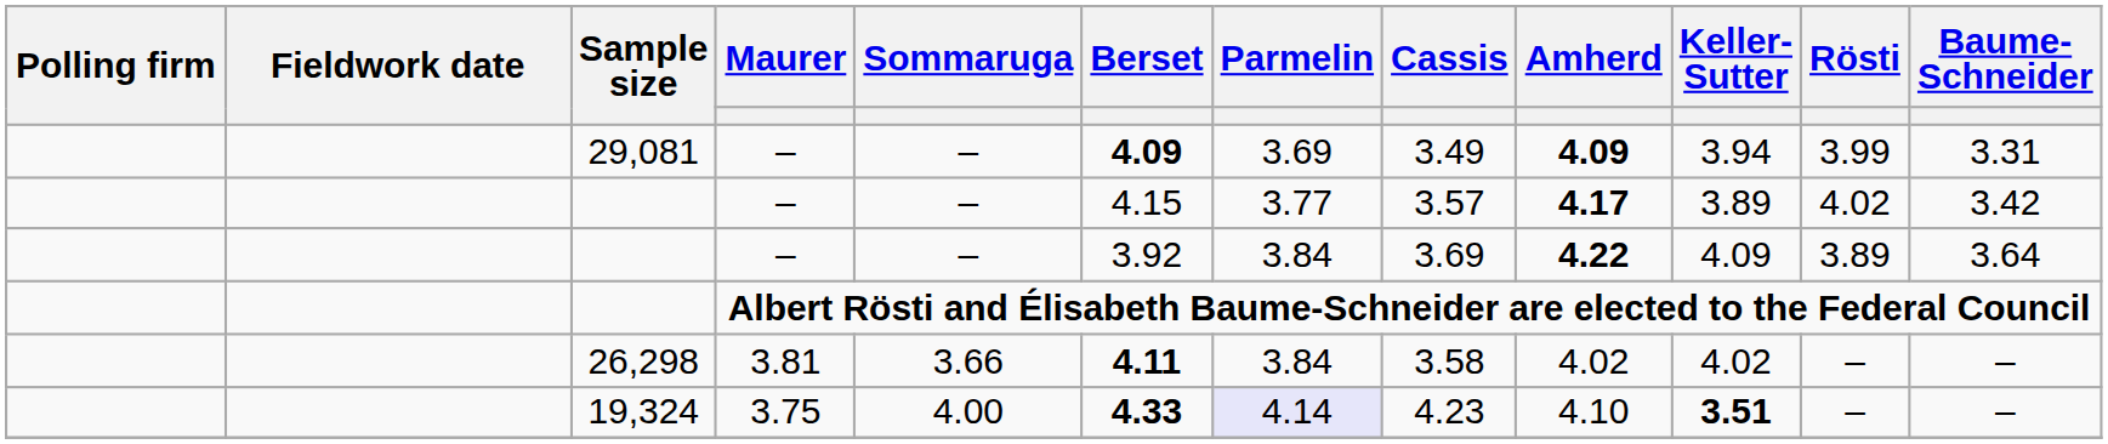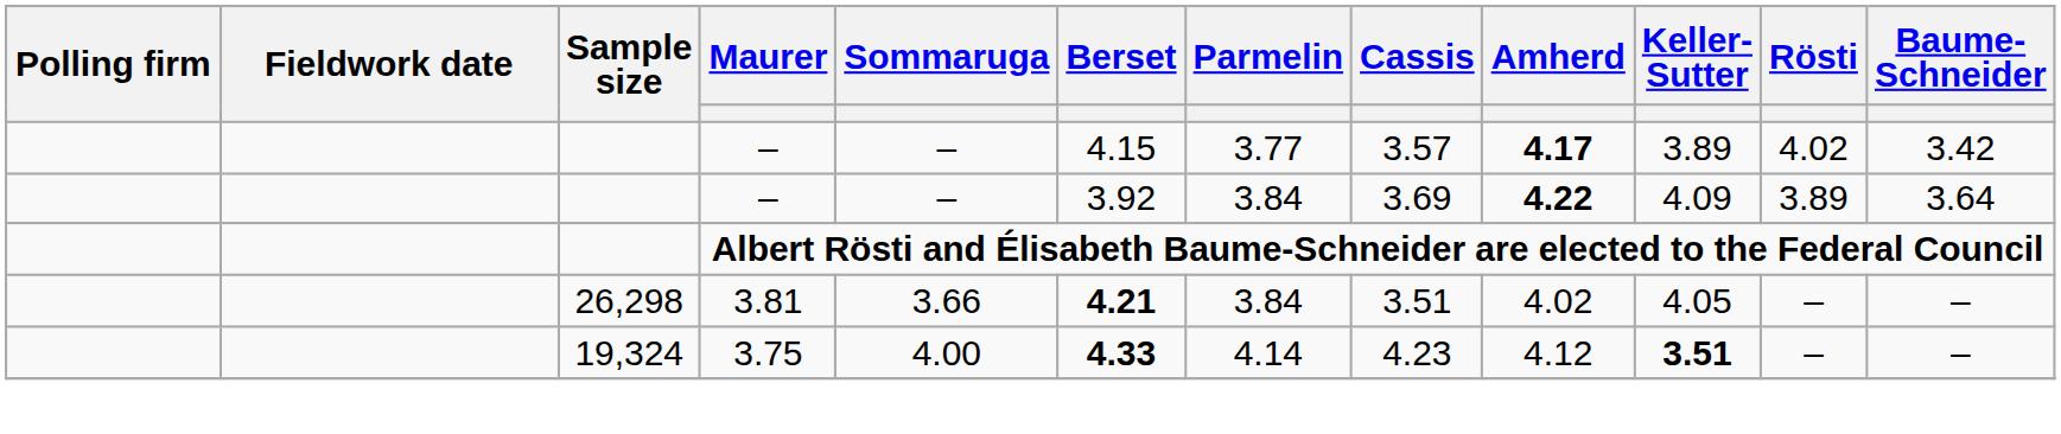 <table class="wikitable" style="text-align:center;font-size:90%;line-height:14px;">
 <tr style="height:40px;">
 <th style="width:80px;" rowspan="2">Polling firm</th>
 <th style="width:130px;" rowspan="2">Fieldwork date</th>
 <th style="width:35px;" rowspan="2">Sample<br>size</th>
 <th><a href='#'>Maurer</a><br></th>
 <th><a href='#'>Sommaruga</a><br></th>
 <th><a href='#'>Berset</a><br></th>
 <th><a href='#'>Parmelin</a><br></th>
 <th><a href='#'>Cassis</a><br></th>
 <th><a href='#'>Amherd</a><br></th>
 <th><a href='#'>Keller-<br>Sutter</a><br></th>
 <th><a href='#'>Rösti</a><br></th>
 <th><a href='#'>Baume-<br>Schneider</a><br></th>
 </tr>
 <tr>
 <th style="background:"></th>
 <th style="background:"></th>
 <th style="background:"></th>
 <th style="background:"></th>
 <th style="background:"></th>
 <th style="background:"></th>
 <th style="background:"></th>
 <th style="background:"></th>
 <th style="background:"></th>
-</tr>
-<tr>
-<td></td>
-<td></td>
-<td>29,081</td>
-<td>–</td>
-<td>–</td>
-<td style="background:#"><strong>4.09</strong></td>
-<td>3.69</td>
-<td>3.49</td>
-<td style="background:#"><strong>4.09</strong></td>
-<td>3.94</td>
-<td>3.99</td>
-<td>3.31</td>
 </tr>
 <tr>
 <td></td>
 <td></td>
 <td></td>
 <td>–</td>
 <td>–</td>
 <td>4.15</td>
 <td>3.77</td>
 <td>3.57</td>
 <td style="background:#"><strong>4.17</strong></td>
 <td>3.89</td>
 <td>4.02</td>
 <td>3.42</td>
 </tr>
 <tr>
 <td></td>
 <td></td>
 <td></td>
 <td>–</td>
 <td>–</td>
 <td>3.92</td>
 <td>3.84</td>
 <td>3.69</td>
 <td style="background:#"><strong>4.22</strong></td>
 <td>4.09</td>
 <td>3.89</td>
 <td>3.64</td>
 </tr>
 <tr>
 <td></td>
 <td></td>
 <td></td>
 <td colspan=9><strong>Albert Rösti and Élisabeth Baume-Schneider are elected to the Federal Council</strong></td>
 </tr>
 <tr>
 <td></td>
 <td></td>
 <td>26,298</td>
 <td>3.81</td>
 <td>3.66</td>
-<td style="background:#"><strong>4.11</strong></td>
+<td style="background:#"><strong>4.21</strong></td>
 <td>3.84</td>
-<td>3.58</td>
+<td>3.51</td>
 <td>4.02</td>
-<td>4.02</td>
+<td>4.05</td>
 <td>–</td>
 <td>–</td>
 </tr>
 <tr>
 <td></td>
 <td></td>
 <td>19,324</td>
 <td>3.75</td>
 <td>4.00</td>
 <td style="background:#"><strong>4.33</strong></td>
-<td style="background: lavender;">4.14</td>
+<td>4.14</td>
 <td>4.23</td>
-<td>4.10</td>
+<td>4.12</td>
 <td><strong>3.51</strong></td>
 <td>–</td>
 <td>–</td>
 </tr>
 <tr>
 </tr>
 </table>
